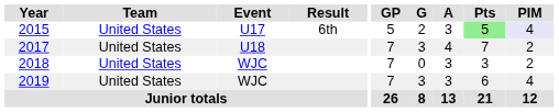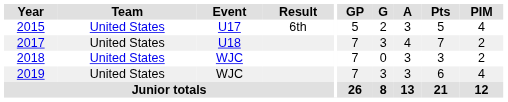 <table border="0" cellpadding="1" cellspacing="0" ID="Table3" style="text-align:center; width:40em">
 <tr ALIGN="center" bgcolor="#e0e0e0">
 <th>Year</th>
 <th>Team</th>
 <th>Event</th>
 <th>Result</th>
 <th rowspan="99" bgcolor="#ffffff"></th>
 <th>GP</th>
 <th>G</th>
 <th>A</th>
 <th>Pts</th>
 <th>PIM</th>
 </tr>
 <tr>
 <td><a href='#'>2015</a></td>
 <td><a href='#'>United States</a></td>
 <td><a href='#'>U17</a></td>
 <td>6th</td>
 <td>5</td>
 <td>2</td>
 <td>3</td>
-<td style="background: lightgreen;">5</td>
-<td style="background: lavender;">4</td>
+<td>5</td>
+<td>4</td>
 </tr>
 <tr bgcolor="#f0f0f0">
 <td><a href='#'>2017</a></td>
 <td>United States</td>
 <td><a href='#'>U18</a></td>
 <td></td>
 <td>7</td>
 <td>3</td>
 <td>4</td>
 <td>7</td>
 <td>2</td>
 </tr>
 <tr>
 <td><a href='#'>2018</a></td>
 <td><a href='#'>United States</a></td>
 <td><a href='#'>WJC</a></td>
 <td></td>
 <td>7</td>
 <td>0</td>
 <td>3</td>
 <td>3</td>
 <td>2</td>
 </tr>
 <tr bgcolor="#f0f0f0">
 <td><a href='#'>2019</a></td>
 <td>United States</td>
 <td>WJC</td>
 <td></td>
 <td>7</td>
 <td>3</td>
 <td>3</td>
 <td>6</td>
 <td>4</td>
 </tr>
 <tr bgcolor="#e0e0e0">
 <th colspan="4">Junior totals</th>
 <th>26</th>
 <th>8</th>
 <th>13</th>
 <th>21</th>
 <th>12</th>
 </tr>
 </table>
